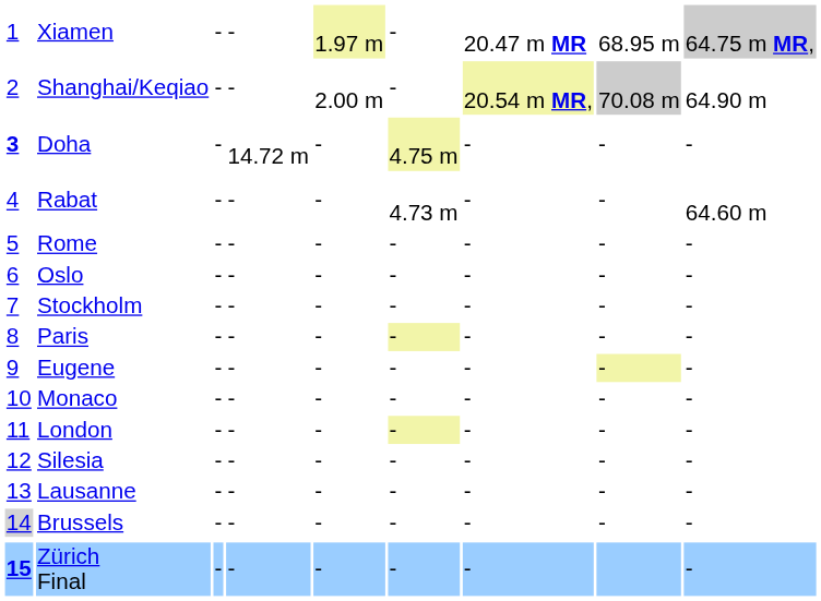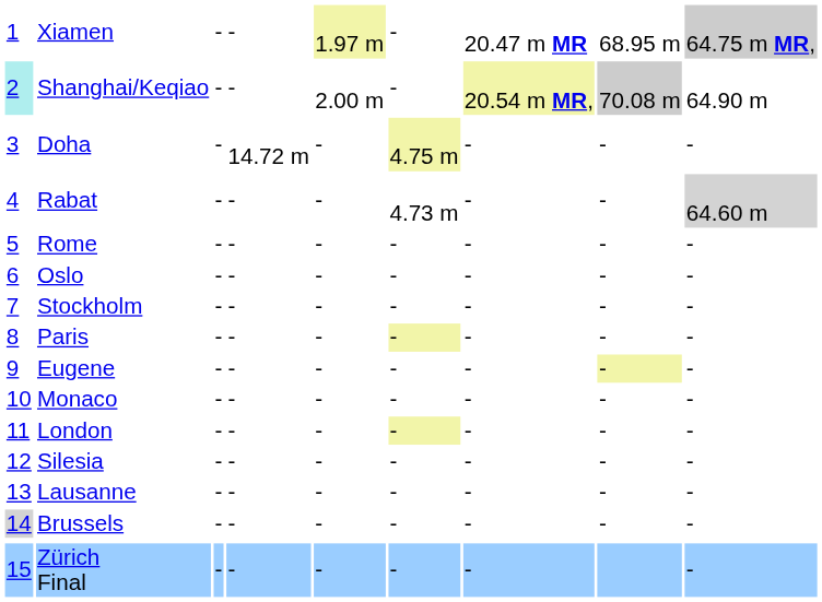 <table>
 <tr>
 <td><a href='#'>1</a></td>
 <td><a href='#'>Xiamen</a></td>
 <td>-</td>
 <td>-</td>
 <td bgcolor=#F2F5A9><br> 1.97 m</td>
 <td>-</td>
 <td><br> 20.47 m <strong><a href='#'>MR</a></strong></td>
 <td><br> 68.95 m</td>
 <td bgcolor=#CCC><br> 64.75 m <strong><a href='#'>MR</a></strong>, </td>
 </tr>
 <tr>
-<td><a href='#'>2</a></td>
+<td style="background: paleturquoise;"><a href='#'>2</a></td>
 <td><a href='#'>Shanghai/Keqiao</a></td>
 <td>-</td>
 <td>-</td>
 <td><br> 2.00 m</td>
 <td>-</td>
 <td bgcolor=#F2F5A9><br> 20.54 m <strong><a href='#'>MR</a></strong>, </td>
 <td bgcolor=#CCC><br> 70.08 m</td>
 <td><br> 64.90 m </td>
 </tr>
 <tr>
-<td><strong><a href='#'>3</a></strong></td>
+<td><a href='#'>3</a></td>
 <td><a href='#'>Doha</a></td>
 <td>-</td>
 <td><br> 14.72 m </td>
 <td>-</td>
 <td bgcolor=#F2F5A9><br> 4.75 m</td>
 <td>-</td>
 <td>-</td>
 <td>-</td>
 </tr>
 <tr>
 <td><a href='#'>4</a></td>
 <td><a href='#'>Rabat</a></td>
 <td>-</td>
 <td>-</td>
 <td>-</td>
 <td><br> 4.73 m</td>
 <td>-</td>
 <td>-</td>
-<td><br> 64.60 m</td>
+<td style="background: lightgrey;"><br> 64.60 m</td>
 </tr>
 <tr>
 <td><a href='#'>5</a></td>
 <td><a href='#'>Rome</a></td>
 <td>-</td>
 <td>-</td>
 <td>-</td>
 <td>-</td>
 <td>-</td>
 <td>-</td>
 <td>-</td>
 </tr>
 <tr>
 <td><a href='#'>6</a></td>
 <td><a href='#'>Oslo</a></td>
 <td>-</td>
 <td>-</td>
 <td>-</td>
 <td>-</td>
 <td>-</td>
 <td>-</td>
 <td>-</td>
 </tr>
 <tr>
 <td><a href='#'>7</a></td>
 <td><a href='#'>Stockholm</a></td>
 <td>-</td>
 <td>-</td>
 <td>-</td>
 <td>-</td>
 <td>-</td>
 <td>-</td>
 <td>-</td>
 </tr>
 <tr>
 <td><a href='#'>8</a></td>
 <td><a href='#'>Paris</a></td>
 <td>-</td>
 <td>-</td>
 <td>-</td>
 <td bgcolor=#F2F5A9>-</td>
 <td>-</td>
 <td>-</td>
 <td>-</td>
 </tr>
 <tr>
 <td><a href='#'>9</a></td>
 <td><a href='#'>Eugene</a></td>
 <td>-</td>
 <td>-</td>
 <td>-</td>
 <td>-</td>
 <td>-</td>
 <td bgcolor=#F2F5A9>-</td>
 <td>-</td>
 </tr>
 <tr>
 <td><a href='#'>10</a></td>
 <td><a href='#'>Monaco</a></td>
 <td>-</td>
 <td>-</td>
 <td>-</td>
 <td>-</td>
 <td>-</td>
 <td>-</td>
 <td>-</td>
 </tr>
 <tr>
 <td><a href='#'>11</a></td>
 <td><a href='#'>London</a></td>
 <td>-</td>
 <td>-</td>
 <td>-</td>
 <td bgcolor=#F2F5A9>-</td>
 <td>-</td>
 <td>-</td>
 <td>-</td>
 </tr>
 <tr>
 <td><a href='#'>12</a></td>
 <td><a href='#'>Silesia</a></td>
 <td>-</td>
 <td>-</td>
 <td>-</td>
 <td>-</td>
 <td>-</td>
 <td>-</td>
 <td>-</td>
 </tr>
 <tr>
 <td><a href='#'>13</a></td>
 <td><a href='#'>Lausanne</a></td>
 <td>-</td>
 <td>-</td>
 <td>-</td>
 <td>-</td>
 <td>-</td>
 <td>-</td>
 <td>-</td>
 </tr>
 <tr>
 <td style="background: lightgrey;"><a href='#'>14</a></td>
 <td><a href='#'>Brussels</a></td>
 <td>-</td>
 <td>-</td>
 <td>-</td>
 <td>-</td>
 <td>-</td>
 <td>-</td>
 <td>-</td>
 </tr>
 <tr>
 </tr>
 <tr bgcolor=#9acdff>
-<td><strong><a href='#'>15</a></strong></td>
+<td><a href='#'>15</a></td>
 <td><a href='#'>Zürich</a><br>Final</td>
 <td>-</td>
 <td>-</td>
 <td>-</td>
 <td>-</td>
 <td>-</td>
 <td></td>
 <td>-</td>
 </tr>
 <tr>
 </tr>
 </table>
